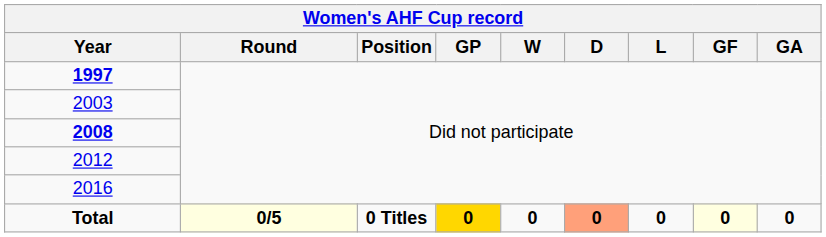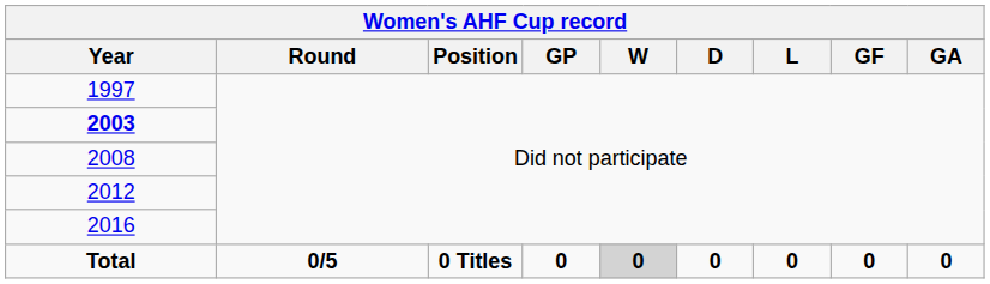 <table class="wikitable" style="text-align: center;">
 <tr>
 <th colspan=9><a href='#'>Women's AHF Cup record</a></th>
 </tr>
 <tr>
 <th width=150>Year</th>
 <th width=150>Round</th>
 <th width=50>Position</th>
 <th width=50>GP</th>
 <th width=50>W</th>
 <th width=50>D</th>
 <th width=50>L</th>
 <th width=50>GF</th>
 <th width=50>GA</th>
 </tr>
 <tr>
-<td><strong> <a href='#'>1997</a></strong></td>
+<td> <a href='#'>1997</a></td>
 <td colspan=9  rowspan=5>Did not participate</td>
 </tr>
 <tr>
-<td> <a href='#'>2003</a></td>
+<td><strong> <a href='#'>2003</a></strong></td>
 </tr>
 <tr>
-<td><strong> <a href='#'>2008</a></strong></td>
+<td> <a href='#'>2008</a></td>
 </tr>
 <tr>
 <td> <a href='#'>2012</a></td>
 </tr>
 <tr>
 <td> <a href='#'>2016</a></td>
 </tr>
 <tr>
 <td><strong>Total</strong></td>
-<td style="background: lightyellow;"><strong>0/5</strong></td>
+<td><strong>0/5</strong></td>
 <td><strong>0 Titles</strong></td>
-<td style="background: gold;"><strong>0</strong></td>
 <td><strong>0</strong></td>
-<td style="background: lightsalmon;"><strong>0</strong></td>
+<td style="background: lightgrey;"><strong>0</strong></td>
 <td><strong>0</strong></td>
-<td style="background: lightyellow;"><strong>0</strong></td>
+<td><strong>0</strong></td>
+<td><strong>0</strong></td>
 <td><strong>0</strong></td>
 </tr>
 </table>
